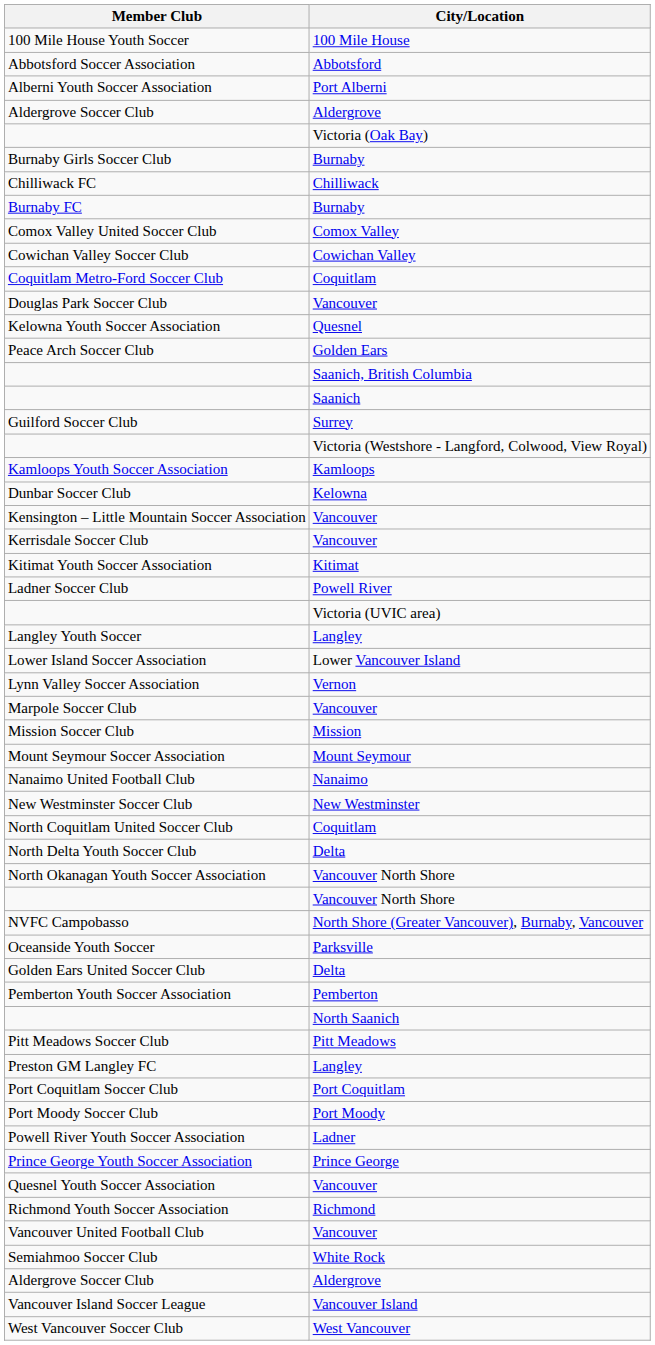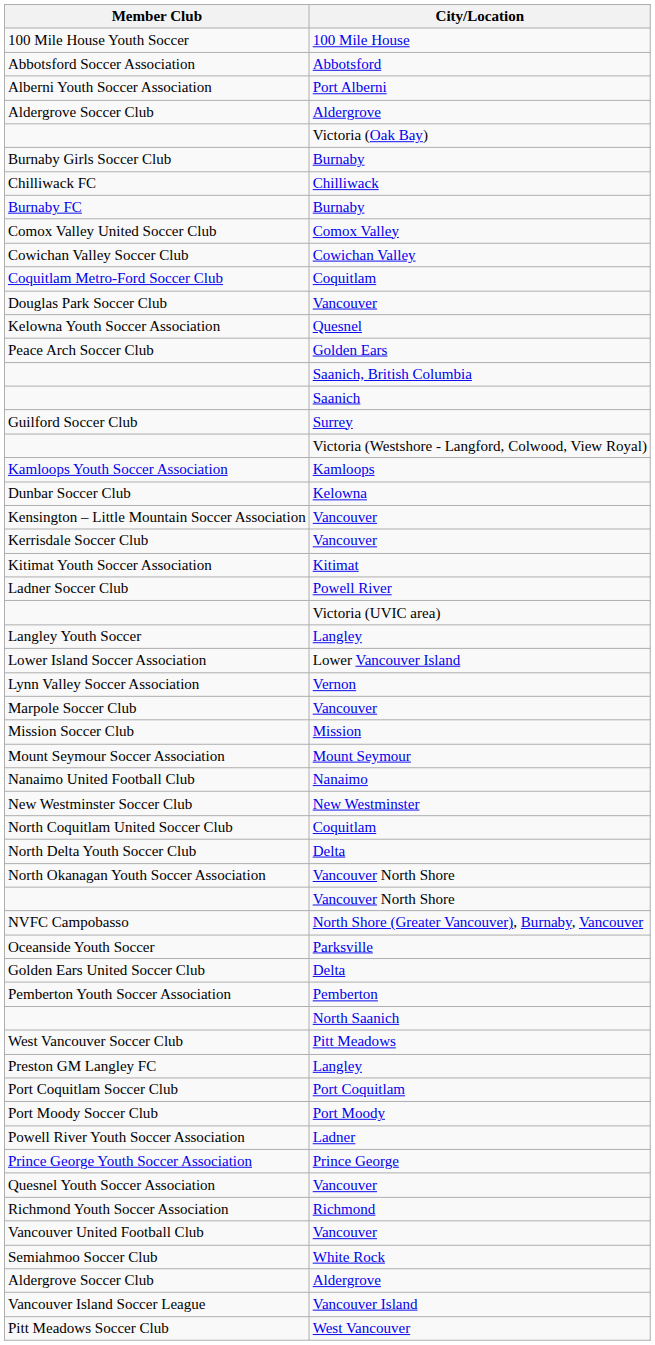 <table class="wikitable sortable">
 <tr>
 <th>Member Club</th>
 <th>City/Location</th>
 </tr>
 <tr>
 <td>100 Mile House Youth Soccer</td>
 <td><a href='#'>100 Mile House</a></td>
 </tr>
 <tr>
 <td>Abbotsford Soccer Association</td>
 <td><a href='#'>Abbotsford</a></td>
 </tr>
 <tr>
 <td>Alberni Youth Soccer Association</td>
 <td><a href='#'>Port Alberni</a></td>
 </tr>
 <tr>
 <td>Aldergrove Soccer Club</td>
 <td><a href='#'>Aldergrove</a></td>
 </tr>
 <tr>
 <td></td>
 <td>Victoria (<a href='#'>Oak Bay</a>)</td>
 </tr>
 <tr>
 <td>Burnaby Girls Soccer Club</td>
 <td><a href='#'>Burnaby</a></td>
 </tr>
 <tr>
 <td>Chilliwack FC</td>
 <td><a href='#'>Chilliwack</a></td>
 </tr>
 <tr>
 <td><a href='#'>Burnaby FC</a></td>
 <td><a href='#'>Burnaby</a></td>
 </tr>
 <tr>
 <td>Comox Valley United Soccer Club</td>
 <td><a href='#'>Comox Valley</a></td>
 </tr>
 <tr>
 <td>Cowichan Valley Soccer Club</td>
 <td><a href='#'>Cowichan Valley</a></td>
 </tr>
 <tr>
 <td><a href='#'>Coquitlam Metro-Ford Soccer Club</a></td>
 <td><a href='#'>Coquitlam</a></td>
 </tr>
 <tr>
 <td>Douglas Park Soccer Club</td>
 <td><a href='#'>Vancouver</a></td>
 </tr>
 <tr>
 <td>Kelowna Youth Soccer Association</td>
 <td><a href='#'>Quesnel</a></td>
 </tr>
 <tr>
 <td>Peace Arch Soccer Club</td>
 <td><a href='#'>Golden Ears</a></td>
 </tr>
 <tr>
 <td></td>
 <td><a href='#'>Saanich, British Columbia</a></td>
 </tr>
 <tr>
 <td></td>
 <td><a href='#'>Saanich</a></td>
 </tr>
 <tr>
 <td>Guilford Soccer Club</td>
 <td><a href='#'>Surrey</a></td>
 </tr>
 <tr>
 <td></td>
 <td>Victoria (Westshore - Langford, Colwood, View Royal)</td>
 </tr>
 <tr>
 <td><a href='#'>Kamloops Youth Soccer Association</a></td>
 <td><a href='#'>Kamloops</a></td>
 </tr>
 <tr>
 <td>Dunbar Soccer Club</td>
 <td><a href='#'>Kelowna</a></td>
 </tr>
 <tr>
 <td>Kensington – Little Mountain Soccer Association</td>
 <td><a href='#'>Vancouver</a></td>
 </tr>
 <tr>
 <td>Kerrisdale Soccer Club</td>
 <td><a href='#'>Vancouver</a></td>
 </tr>
 <tr>
 <td>Kitimat Youth Soccer Association</td>
 <td><a href='#'>Kitimat</a></td>
 </tr>
 <tr>
 <td>Ladner Soccer Club</td>
 <td><a href='#'>Powell River</a></td>
 </tr>
 <tr>
 <td></td>
 <td>Victoria (UVIC area)</td>
 </tr>
 <tr>
 <td>Langley Youth Soccer</td>
 <td><a href='#'>Langley</a></td>
 </tr>
 <tr>
 <td>Lower Island Soccer Association</td>
 <td>Lower <a href='#'>Vancouver Island</a></td>
 </tr>
 <tr>
 <td>Lynn Valley Soccer Association</td>
 <td><a href='#'>Vernon</a></td>
 </tr>
 <tr>
 <td>Marpole Soccer Club</td>
 <td><a href='#'>Vancouver</a></td>
 </tr>
 <tr>
 <td>Mission Soccer Club</td>
 <td><a href='#'>Mission</a></td>
 </tr>
 <tr>
 <td>Mount Seymour Soccer Association</td>
 <td><a href='#'>Mount Seymour</a></td>
 </tr>
 <tr>
 <td>Nanaimo United Football Club</td>
 <td><a href='#'>Nanaimo</a></td>
 </tr>
 <tr>
 <td>New Westminster Soccer Club</td>
 <td><a href='#'>New Westminster</a></td>
 </tr>
 <tr>
 <td>North Coquitlam United Soccer Club</td>
 <td><a href='#'>Coquitlam</a></td>
 </tr>
 <tr>
 <td>North Delta Youth Soccer Club</td>
 <td><a href='#'>Delta</a></td>
 </tr>
 <tr>
 <td>North Okanagan Youth Soccer Association</td>
 <td><a href='#'>Vancouver</a> North Shore</td>
 </tr>
 <tr>
 <td></td>
 <td><a href='#'>Vancouver</a> North Shore</td>
 </tr>
 <tr>
 <td>NVFC Campobasso</td>
 <td><a href='#'>North Shore (Greater Vancouver)</a>, <a href='#'>Burnaby</a>, <a href='#'>Vancouver</a></td>
 </tr>
 <tr>
 <td>Oceanside Youth Soccer</td>
 <td><a href='#'>Parksville</a></td>
 </tr>
 <tr>
 <td>Golden Ears United Soccer Club</td>
 <td><a href='#'>Delta</a></td>
 </tr>
 <tr>
 <td>Pemberton Youth Soccer Association</td>
 <td><a href='#'>Pemberton</a></td>
 </tr>
 <tr>
 <td></td>
 <td><a href='#'>North Saanich</a></td>
 </tr>
 <tr>
-<td>Pitt Meadows Soccer Club</td>
+<td>West Vancouver Soccer Club</td>
 <td><a href='#'>Pitt Meadows</a></td>
 </tr>
 <tr>
 <td>Preston GM Langley FC</td>
 <td><a href='#'>Langley</a></td>
 </tr>
 <tr>
 <td>Port Coquitlam Soccer Club</td>
 <td><a href='#'>Port Coquitlam</a></td>
 </tr>
 <tr>
 <td>Port Moody Soccer Club</td>
 <td><a href='#'>Port Moody</a></td>
 </tr>
 <tr>
 <td>Powell River Youth Soccer Association</td>
 <td><a href='#'>Ladner</a></td>
 </tr>
 <tr>
 <td><a href='#'>Prince George Youth Soccer Association</a></td>
 <td><a href='#'>Prince George</a></td>
 </tr>
 <tr>
 <td>Quesnel Youth Soccer Association</td>
 <td><a href='#'>Vancouver</a></td>
 </tr>
 <tr>
 <td>Richmond Youth Soccer Association</td>
 <td><a href='#'>Richmond</a></td>
 </tr>
 <tr>
 <td>Vancouver United Football Club</td>
 <td><a href='#'>Vancouver</a></td>
 </tr>
 <tr>
 <td>Semiahmoo Soccer Club</td>
 <td><a href='#'>White Rock</a></td>
 </tr>
 <tr>
 <td>Aldergrove Soccer Club</td>
 <td><a href='#'>Aldergrove</a></td>
 </tr>
 <tr>
 <td>Vancouver Island Soccer League</td>
 <td><a href='#'>Vancouver Island</a></td>
 </tr>
 <tr>
-<td>West Vancouver Soccer Club</td>
+<td>Pitt Meadows Soccer Club</td>
 <td><a href='#'>West Vancouver</a></td>
 </tr>
 </table>
